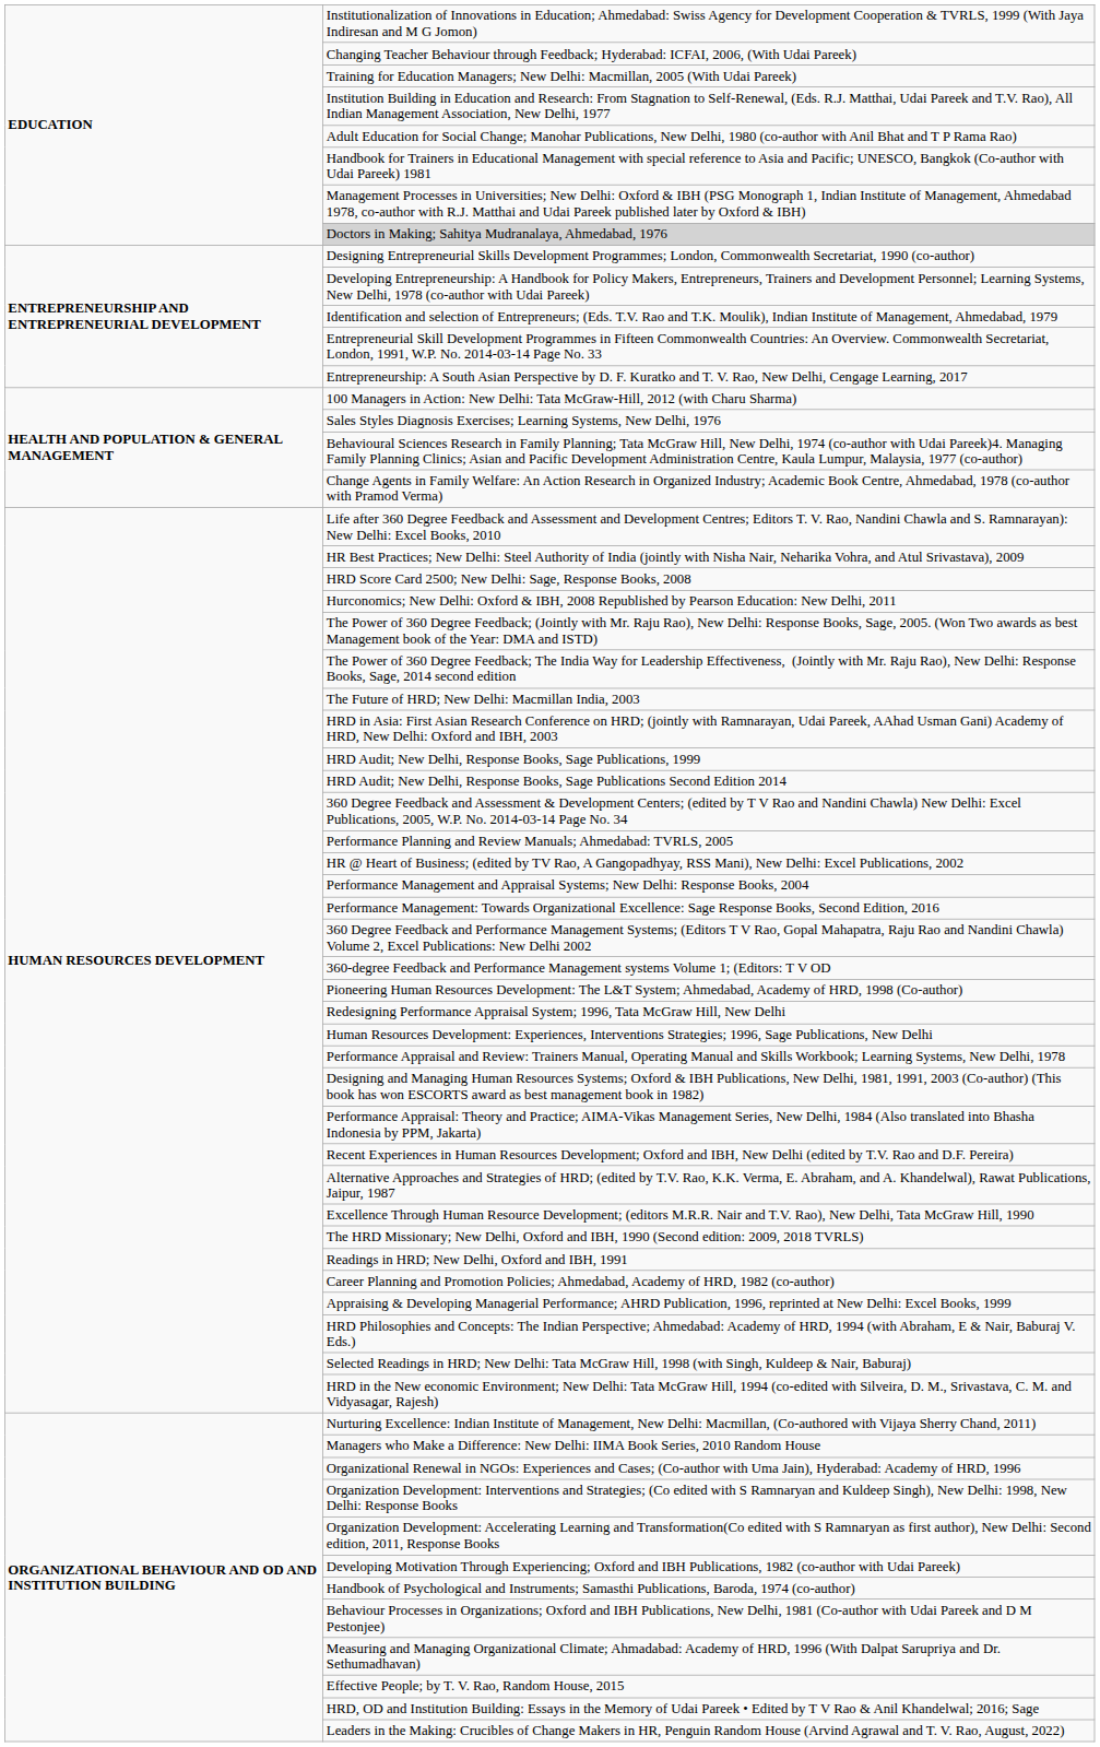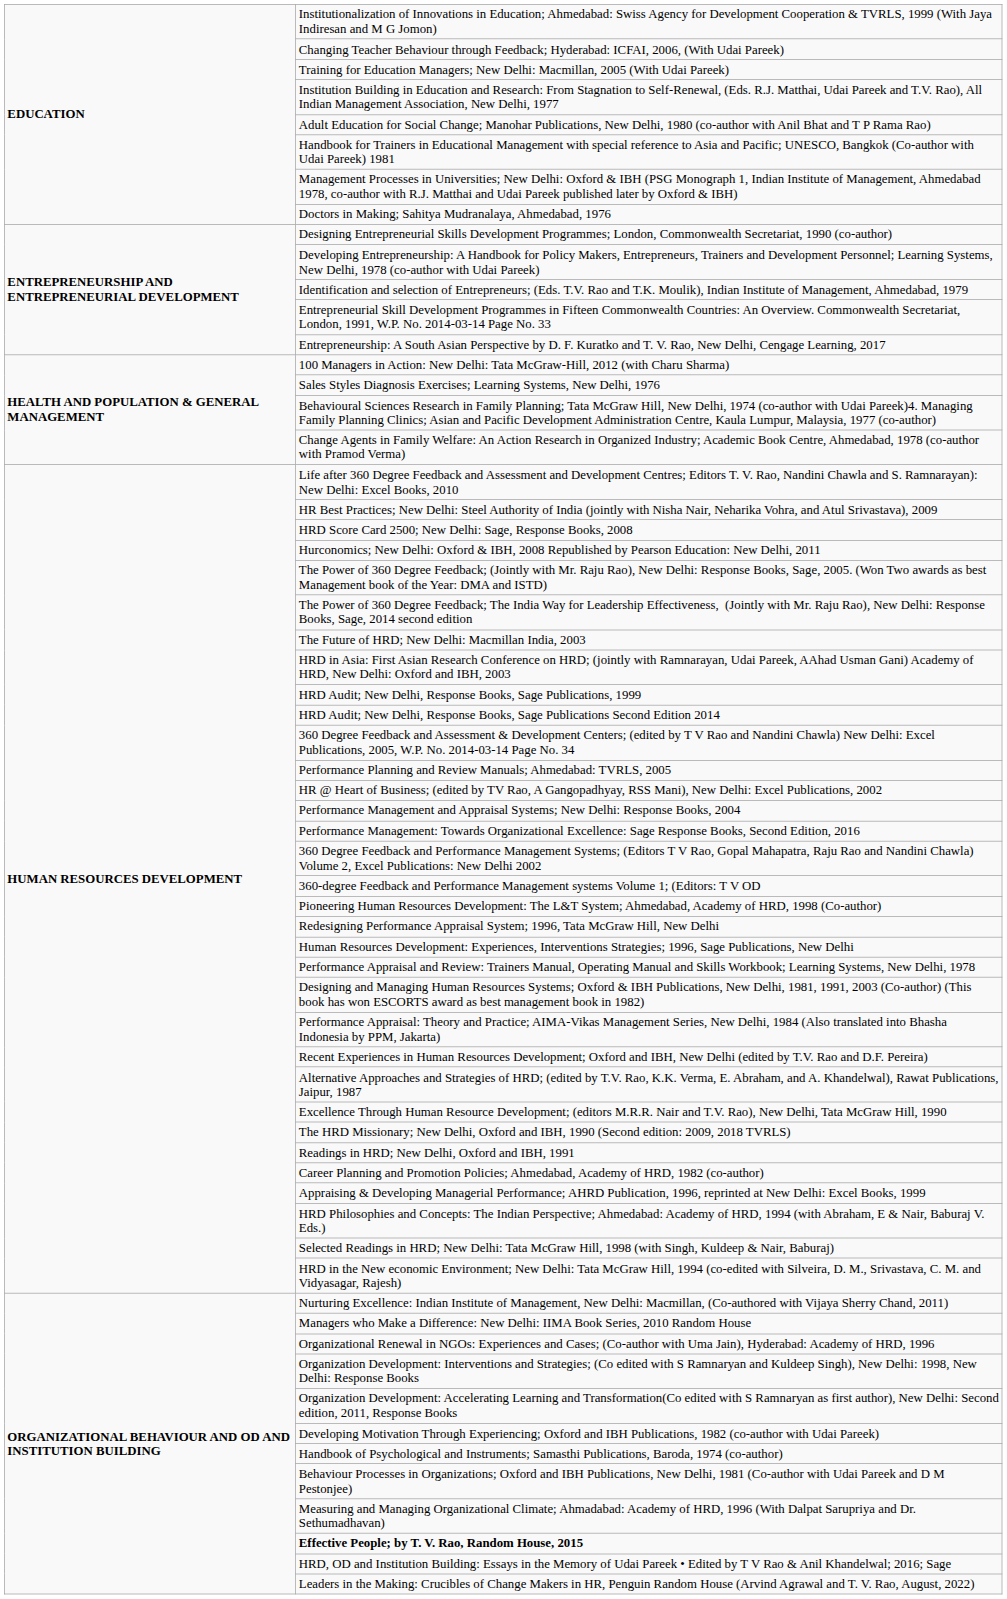 <table class="wikitable">
 <tr>
 <td rowspan="8"><strong>EDUCATION</strong></td>
 <td>Institutionalization of Innovations in Education; Ahmedabad: Swiss Agency for Development Cooperation & TVRLS, 1999 (With Jaya Indiresan and M G Jomon)</td>
 </tr>
 <tr>
 <td>Changing Teacher Behaviour through Feedback; Hyderabad: ICFAI, 2006, (With Udai Pareek)</td>
 </tr>
 <tr>
 <td>Training for Education Managers; New Delhi: Macmillan, 2005 (With Udai Pareek)</td>
 </tr>
 <tr>
 <td>Institution Building in Education and Research: From Stagnation to Self-Renewal, (Eds. R.J. Matthai, Udai Pareek and T.V. Rao), All Indian Management Association, New Delhi, 1977</td>
 </tr>
 <tr>
 <td>Adult Education for Social Change; Manohar Publications, New Delhi, 1980 (co-author with Anil Bhat and T P Rama Rao)</td>
 </tr>
 <tr>
 <td>Handbook for Trainers in Educational Management with special reference to Asia and Pacific; UNESCO, Bangkok (Co-author with Udai Pareek) 1981</td>
 </tr>
 <tr>
 <td>Management Processes in Universities; New Delhi: Oxford & IBH (PSG Monograph 1, Indian Institute of Management, Ahmedabad 1978, co-author with R.J. Matthai and Udai Pareek published later by Oxford & IBH)</td>
 </tr>
 <tr>
-<td style="background: lightgrey;">Doctors in Making; Sahitya Mudranalaya, Ahmedabad, 1976</td>
+<td>Doctors in Making; Sahitya Mudranalaya, Ahmedabad, 1976</td>
 </tr>
 <tr>
 <td rowspan="5"><strong>ENTREPRENEURSHIP AND ENTREPRENEURIAL DEVELOPMENT</strong></td>
 <td>Designing Entrepreneurial Skills Development Programmes; London, Commonwealth Secretariat, 1990 (co-author)</td>
 </tr>
 <tr>
 <td>Developing Entrepreneurship: A Handbook for Policy Makers, Entrepreneurs, Trainers and Development Personnel; Learning Systems, New Delhi, 1978 (co-author with Udai Pareek)</td>
 </tr>
 <tr>
 <td>Identification and selection of Entrepreneurs; (Eds. T.V. Rao and T.K. Moulik), Indian Institute of Management, Ahmedabad, 1979</td>
 </tr>
 <tr>
 <td>Entrepreneurial Skill Development Programmes in Fifteen Commonwealth Countries: An Overview. Commonwealth Secretariat, London, 1991, W.P. No. 2014-03-14 Page No. 33</td>
 </tr>
 <tr>
 <td>Entrepreneurship: A South Asian Perspective by D. F. Kuratko and T. V. Rao, New Delhi, Cengage Learning, 2017</td>
 </tr>
 <tr>
 <td rowspan="4"><strong>HEALTH AND POPULATION & GENERAL MANAGEMENT</strong></td>
 <td>100 Managers in Action: New Delhi: Tata McGraw-Hill, 2012 (with Charu Sharma)</td>
 </tr>
 <tr>
 <td>Sales Styles Diagnosis Exercises; Learning Systems, New Delhi, 1976</td>
 </tr>
 <tr>
 <td>Behavioural Sciences Research in Family Planning; Tata McGraw Hill, New Delhi, 1974 (co-author with Udai Pareek)4. Managing Family Planning Clinics; Asian and Pacific Development Administration Centre, Kaula Lumpur, Malaysia, 1977 (co-author)</td>
 </tr>
 <tr>
 <td>Change Agents in Family Welfare: An Action Research in Organized Industry; Academic Book Centre, Ahmedabad, 1978 (co-author with Pramod Verma)</td>
 </tr>
 <tr>
 <td rowspan="33"><strong>HUMAN RESOURCES DEVELOPMENT</strong></td>
 <td>Life after 360 Degree Feedback and Assessment and Development Centres; Editors T. V. Rao, Nandini Chawla and S. Ramnarayan): New Delhi: Excel Books, 2010</td>
 </tr>
 <tr>
 <td>HR Best Practices; New Delhi: Steel Authority of India (jointly with Nisha Nair, Neharika Vohra, and Atul Srivastava), 2009</td>
 </tr>
 <tr>
 <td>HRD Score Card 2500; New Delhi: Sage, Response Books, 2008</td>
 </tr>
 <tr>
 <td>Hurconomics; New Delhi: Oxford & IBH, 2008 Republished by Pearson Education: New Delhi, 2011</td>
 </tr>
 <tr>
 <td>The Power of 360 Degree Feedback; (Jointly with Mr. Raju Rao), New Delhi: Response Books, Sage, 2005. (Won Two awards as best Management book of the Year: DMA and ISTD)</td>
 </tr>
 <tr>
 <td>The Power of 360 Degree Feedback; The India Way for Leadership Effectiveness,  (Jointly with Mr. Raju Rao), New Delhi: Response Books, Sage, 2014 second edition</td>
 </tr>
 <tr>
 <td>The Future of HRD; New Delhi: Macmillan India, 2003</td>
 </tr>
 <tr>
 <td>HRD in Asia: First Asian Research Conference on HRD; (jointly with Ramnarayan, Udai Pareek, AAhad Usman Gani) Academy of HRD, New Delhi: Oxford and IBH, 2003</td>
 </tr>
 <tr>
 <td>HRD Audit; New Delhi, Response Books, Sage Publications, 1999</td>
 </tr>
 <tr>
 <td>HRD Audit; New Delhi, Response Books, Sage Publications Second Edition 2014</td>
 </tr>
 <tr>
 <td>360 Degree Feedback and Assessment & Development Centers; (edited by T V Rao and Nandini Chawla) New Delhi: Excel Publications, 2005, W.P. No. 2014-03-14 Page No. 34</td>
 </tr>
 <tr>
 <td>Performance Planning and Review Manuals; Ahmedabad: TVRLS, 2005</td>
 </tr>
 <tr>
 <td>HR @ Heart of Business; (edited by TV Rao, A Gangopadhyay, RSS Mani), New Delhi: Excel Publications, 2002</td>
 </tr>
 <tr>
 <td>Performance Management and Appraisal Systems; New Delhi: Response Books, 2004</td>
 </tr>
 <tr>
 <td>Performance Management: Towards Organizational Excellence: Sage Response Books, Second Edition, 2016</td>
 </tr>
 <tr>
 <td>360 Degree Feedback and Performance Management Systems; (Editors T V Rao, Gopal Mahapatra, Raju Rao and Nandini Chawla) Volume 2, Excel Publications: New Delhi 2002</td>
 </tr>
 <tr>
 <td>360-degree Feedback and Performance Management systems Volume 1; (Editors: T V OD</td>
 </tr>
 <tr>
 <td>Pioneering Human Resources Development: The L&T System; Ahmedabad, Academy of HRD, 1998 (Co-author)</td>
 </tr>
 <tr>
 <td>Redesigning Performance Appraisal System; 1996, Tata McGraw Hill, New Delhi</td>
 </tr>
 <tr>
 <td>Human Resources Development: Experiences, Interventions Strategies; 1996, Sage Publications, New Delhi</td>
 </tr>
 <tr>
 <td>Performance Appraisal and Review: Trainers Manual, Operating Manual and Skills Workbook; Learning Systems, New Delhi, 1978</td>
 </tr>
 <tr>
 <td>Designing and Managing Human Resources Systems; Oxford & IBH Publications, New Delhi, 1981, 1991, 2003 (Co-author) (This book has won ESCORTS award as best management book in 1982)</td>
 </tr>
 <tr>
 <td>Performance Appraisal: Theory and Practice; AIMA-Vikas Management Series, New Delhi, 1984 (Also translated into Bhasha Indonesia by PPM, Jakarta)</td>
 </tr>
 <tr>
 <td>Recent Experiences in Human Resources Development; Oxford and IBH, New Delhi (edited by T.V. Rao and D.F. Pereira)</td>
 </tr>
 <tr>
 <td>Alternative Approaches and Strategies of HRD; (edited by T.V. Rao, K.K. Verma, E. Abraham, and A. Khandelwal), Rawat Publications, Jaipur, 1987</td>
 </tr>
 <tr>
 <td>Excellence Through Human Resource Development; (editors M.R.R. Nair and T.V. Rao), New Delhi, Tata McGraw Hill, 1990</td>
 </tr>
 <tr>
 <td>The HRD Missionary; New Delhi, Oxford and IBH, 1990 (Second edition: 2009, 2018 TVRLS)</td>
 </tr>
 <tr>
 <td>Readings in HRD; New Delhi, Oxford and IBH, 1991</td>
 </tr>
 <tr>
 <td>Career Planning and Promotion Policies; Ahmedabad, Academy of HRD, 1982 (co-author)</td>
 </tr>
 <tr>
 <td>Appraising & Developing Managerial Performance; AHRD Publication, 1996, reprinted at New Delhi: Excel Books, 1999</td>
 </tr>
 <tr>
 <td>HRD Philosophies and Concepts: The Indian Perspective; Ahmedabad: Academy of HRD, 1994 (with Abraham, E & Nair, Baburaj V. Eds.)</td>
 </tr>
 <tr>
 <td>Selected Readings in HRD; New Delhi: Tata McGraw Hill, 1998 (with Singh, Kuldeep & Nair, Baburaj)</td>
 </tr>
 <tr>
 <td>HRD in the New economic Environment; New Delhi: Tata McGraw Hill, 1994 (co-edited with Silveira, D. M., Srivastava, C. M. and Vidyasagar, Rajesh)</td>
 </tr>
 <tr>
 <td rowspan="12"><strong>ORGANIZATIONAL BEHAVIOUR AND OD AND INSTITUTION BUILDING</strong></td>
 <td>Nurturing Excellence: Indian Institute of Management, New Delhi: Macmillan, (Co-authored with Vijaya Sherry Chand, 2011)</td>
 </tr>
 <tr>
 <td>Managers who Make a Difference: New Delhi: IIMA Book Series, 2010 Random House</td>
 </tr>
 <tr>
 <td>Organizational Renewal in NGOs: Experiences and Cases; (Co-author with Uma Jain), Hyderabad: Academy of HRD, 1996</td>
 </tr>
 <tr>
 <td>Organization Development: Interventions and Strategies; (Co edited with S Ramnaryan and Kuldeep Singh), New Delhi: 1998, New Delhi: Response Books</td>
 </tr>
 <tr>
 <td>Organization Development: Accelerating Learning and Transformation(Co edited with S Ramnaryan as first author), New Delhi: Second edition, 2011, Response Books</td>
 </tr>
 <tr>
 <td>Developing Motivation Through Experiencing; Oxford and IBH Publications, 1982 (co-author with Udai Pareek)</td>
 </tr>
 <tr>
 <td>Handbook of Psychological and Instruments; Samasthi Publications, Baroda, 1974 (co-author)</td>
 </tr>
 <tr>
 <td>Behaviour Processes in Organizations; Oxford and IBH Publications, New Delhi, 1981 (Co-author with Udai Pareek and D M Pestonjee)</td>
 </tr>
 <tr>
 <td>Measuring and Managing Organizational Climate; Ahmadabad: Academy of HRD, 1996 (With Dalpat Sarupriya and Dr. Sethumadhavan)</td>
 </tr>
 <tr>
-<td>Effective People; by T. V. Rao, Random House, 2015</td>
+<td><strong>Effective People; by T. V. Rao, Random House, 2015</strong></td>
 </tr>
 <tr>
 <td>HRD, OD and Institution Building: Essays in the Memory of Udai Pareek • Edited by T V Rao & Anil Khandelwal; 2016; Sage</td>
 </tr>
 <tr>
 <td>Leaders in the Making: Crucibles of Change Makers in HR, Penguin Random House (Arvind Agrawal and T. V. Rao, August, 2022)</td>
 </tr>
 </table>
